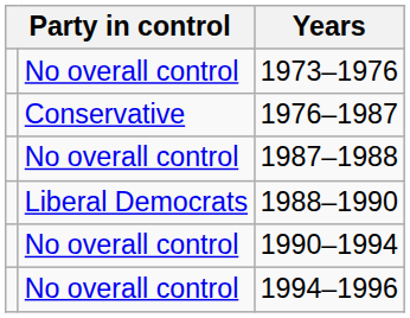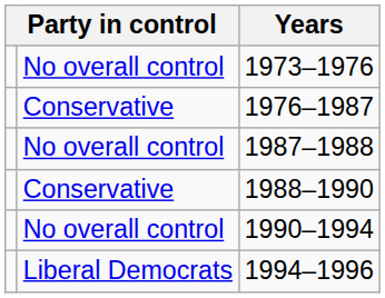 <table class="wikitable">
 <tr>
 <th colspan="2">Party in control</th>
 <th>Years</th>
 </tr>
 <tr>
 <td style="background-color: "></td>
 <td><a href='#'>No overall control</a></td>
 <td>1973–1976</td>
 </tr>
 <tr>
 <td style="background-color: "></td>
 <td><a href='#'>Conservative</a></td>
 <td>1976–1987</td>
 </tr>
 <tr>
 <td style="background-color: "></td>
 <td><a href='#'>No overall control</a></td>
 <td>1987–1988</td>
 </tr>
 <tr>
 <td style="background-color: "></td>
-<td><a href='#'>Liberal Democrats</a></td>
+<td><a href='#'>Conservative</a></td>
 <td>1988–1990</td>
 </tr>
 <tr>
 <td style="background-color: "></td>
 <td><a href='#'>No overall control</a></td>
 <td>1990–1994</td>
 </tr>
 <tr>
 <td style="background-color: "></td>
-<td><a href='#'>No overall control</a></td>
+<td><a href='#'>Liberal Democrats</a></td>
 <td>1994–1996</td>
 </tr>
 </table>
